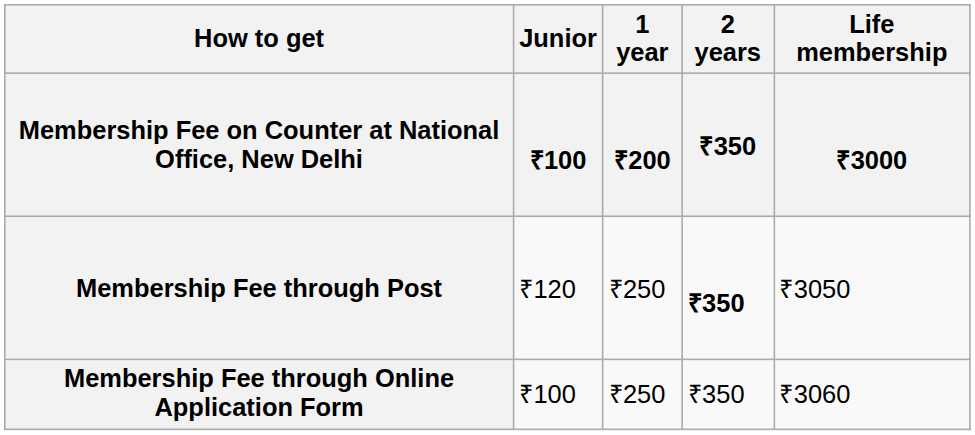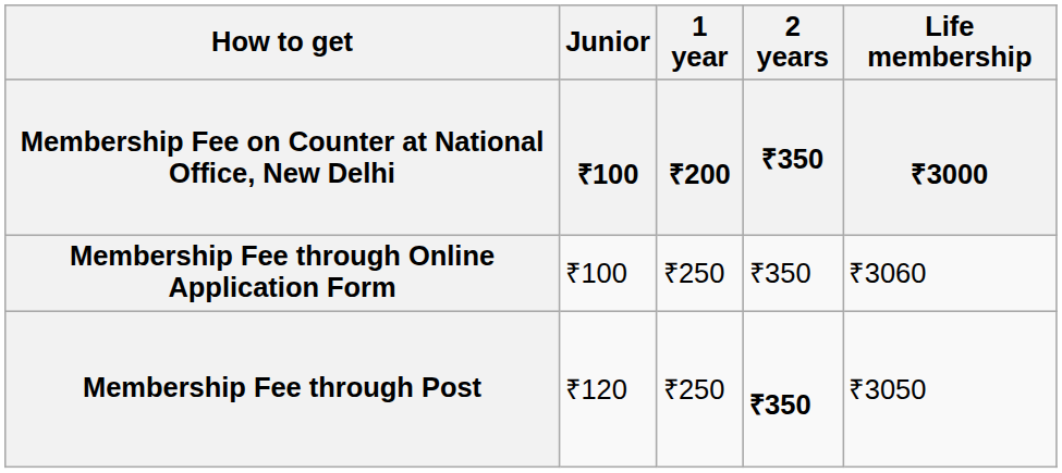 <table class="wikitable">
 <tr>
 <th>How to get</th>
 <th>Junior</th>
 <th>1 year</th>
 <th>2 years</th>
 <th>Life membership</th>
 </tr>
 <tr>
 <th>Membership Fee on Counter at National Office, New Delhi</th>
 <th><br><h4>₹100</h4></th>
 <th><br><h4>₹200</h4></th>
 <th><strong>₹350</strong></th>
 <th><br><h4>₹3000</h4></th>
 </tr>
 <tr>
+<th>Membership Fee through Online Application Form</th>
+<td>₹100</td>
+<td>₹250</td>
+<td>₹350</td>
+<td>₹3060</td>
+</tr>
+<tr>
 <th>Membership Fee through Post</th>
 <td>₹120</td>
 <td>₹250</td>
 <td><br><h4>₹350</h4></td>
 <td>₹3050</td>
 </tr>
-<tr>
-<th>Membership Fee through Online Application Form</th>
-<td>₹100</td>
-<td>₹250</td>
-<td>₹350</td>
-<td>₹3060</td>
-</tr>
 </table>
